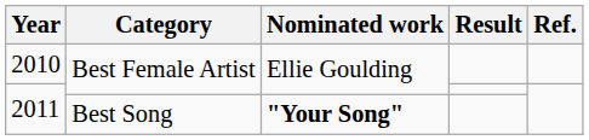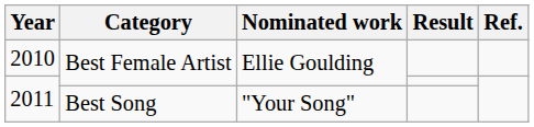 <table class="wikitable">
 <tr>
 <th>Year</th>
 <th>Category</th>
 <th>Nominated work</th>
 <th>Result</th>
 <th>Ref.</th>
 </tr>
 <tr>
 <td>2010</td>
 <td rowspan="2">Best Female Artist</td>
 <td rowspan="2">Ellie Goulding</td>
 <td></td>
 <td></td>
 </tr>
 <tr>
 <td rowspan="2">2011</td>
 <td></td>
 <td rowspan="2"></td>
 </tr>
 <tr>
 <td>Best Song</td>
-<td><strong>"Your Song"</strong></td>
+<td>"Your Song"</td>
 <td></td>
 </tr>
 </table>
